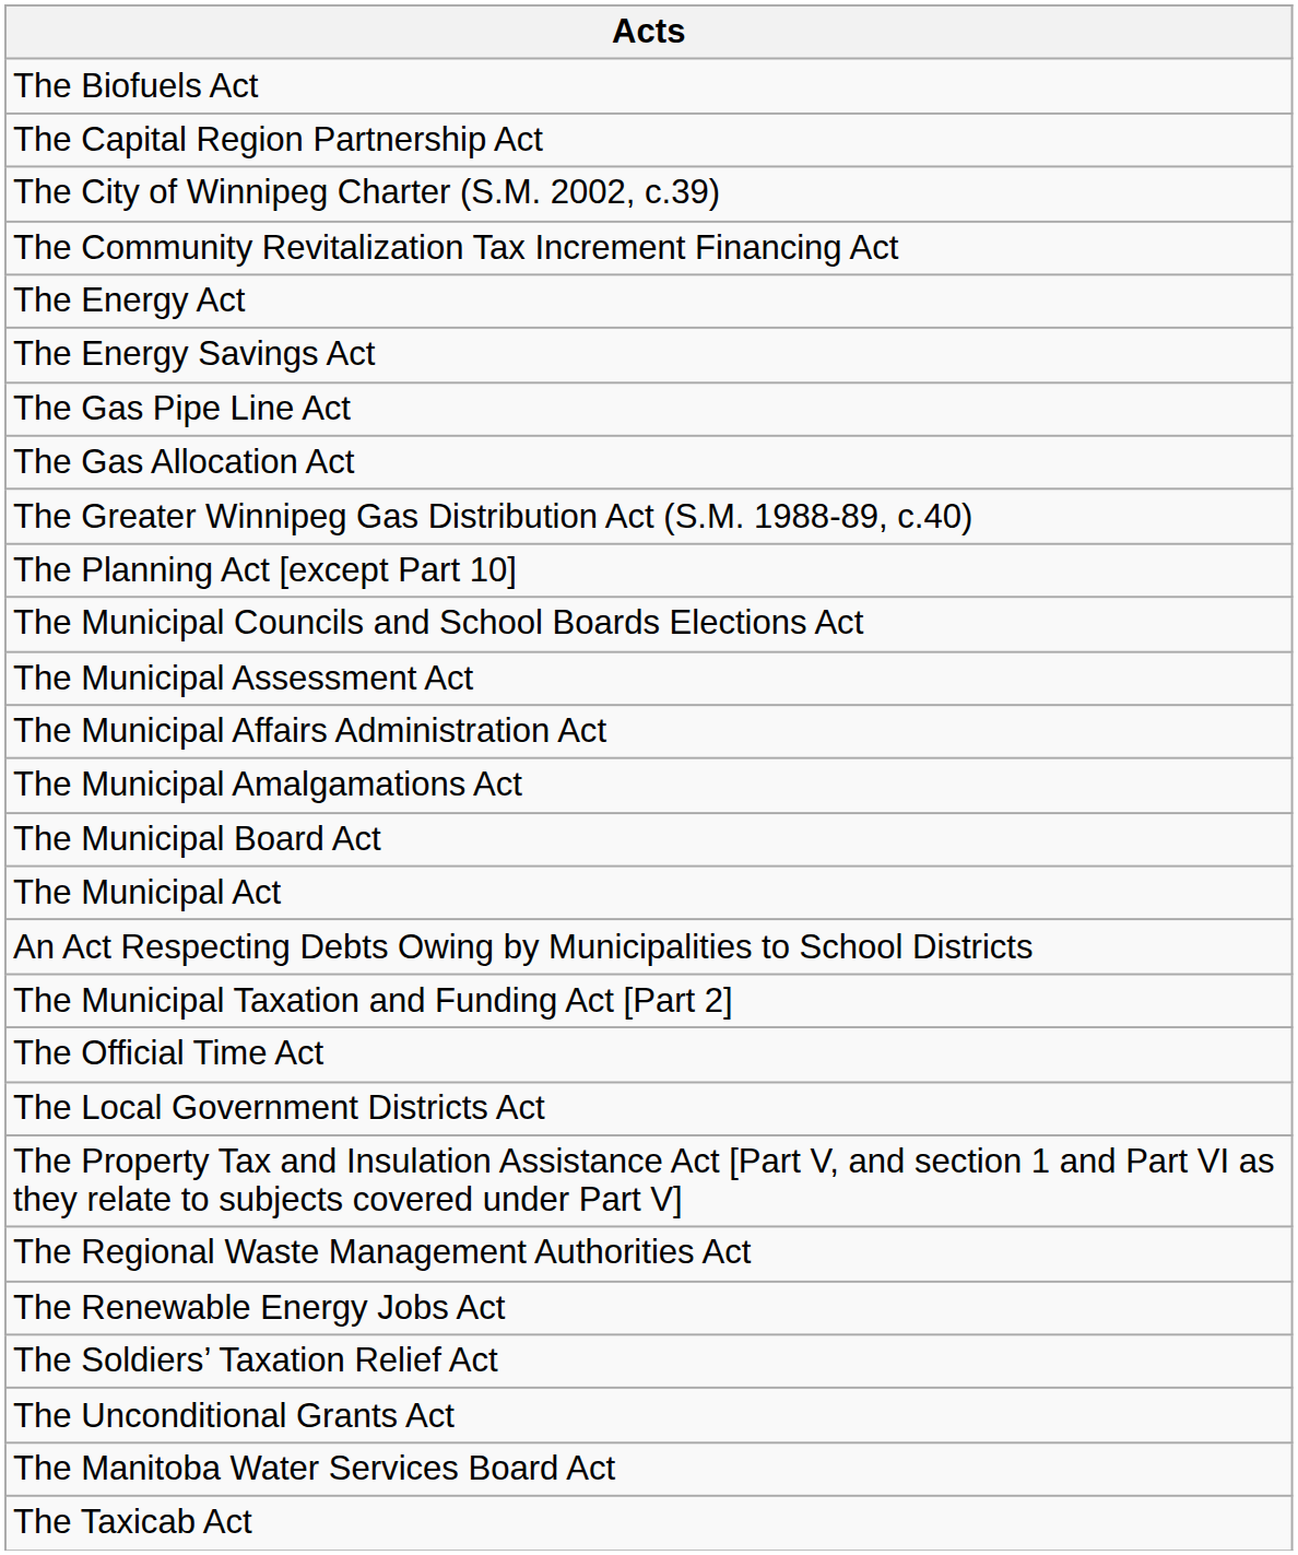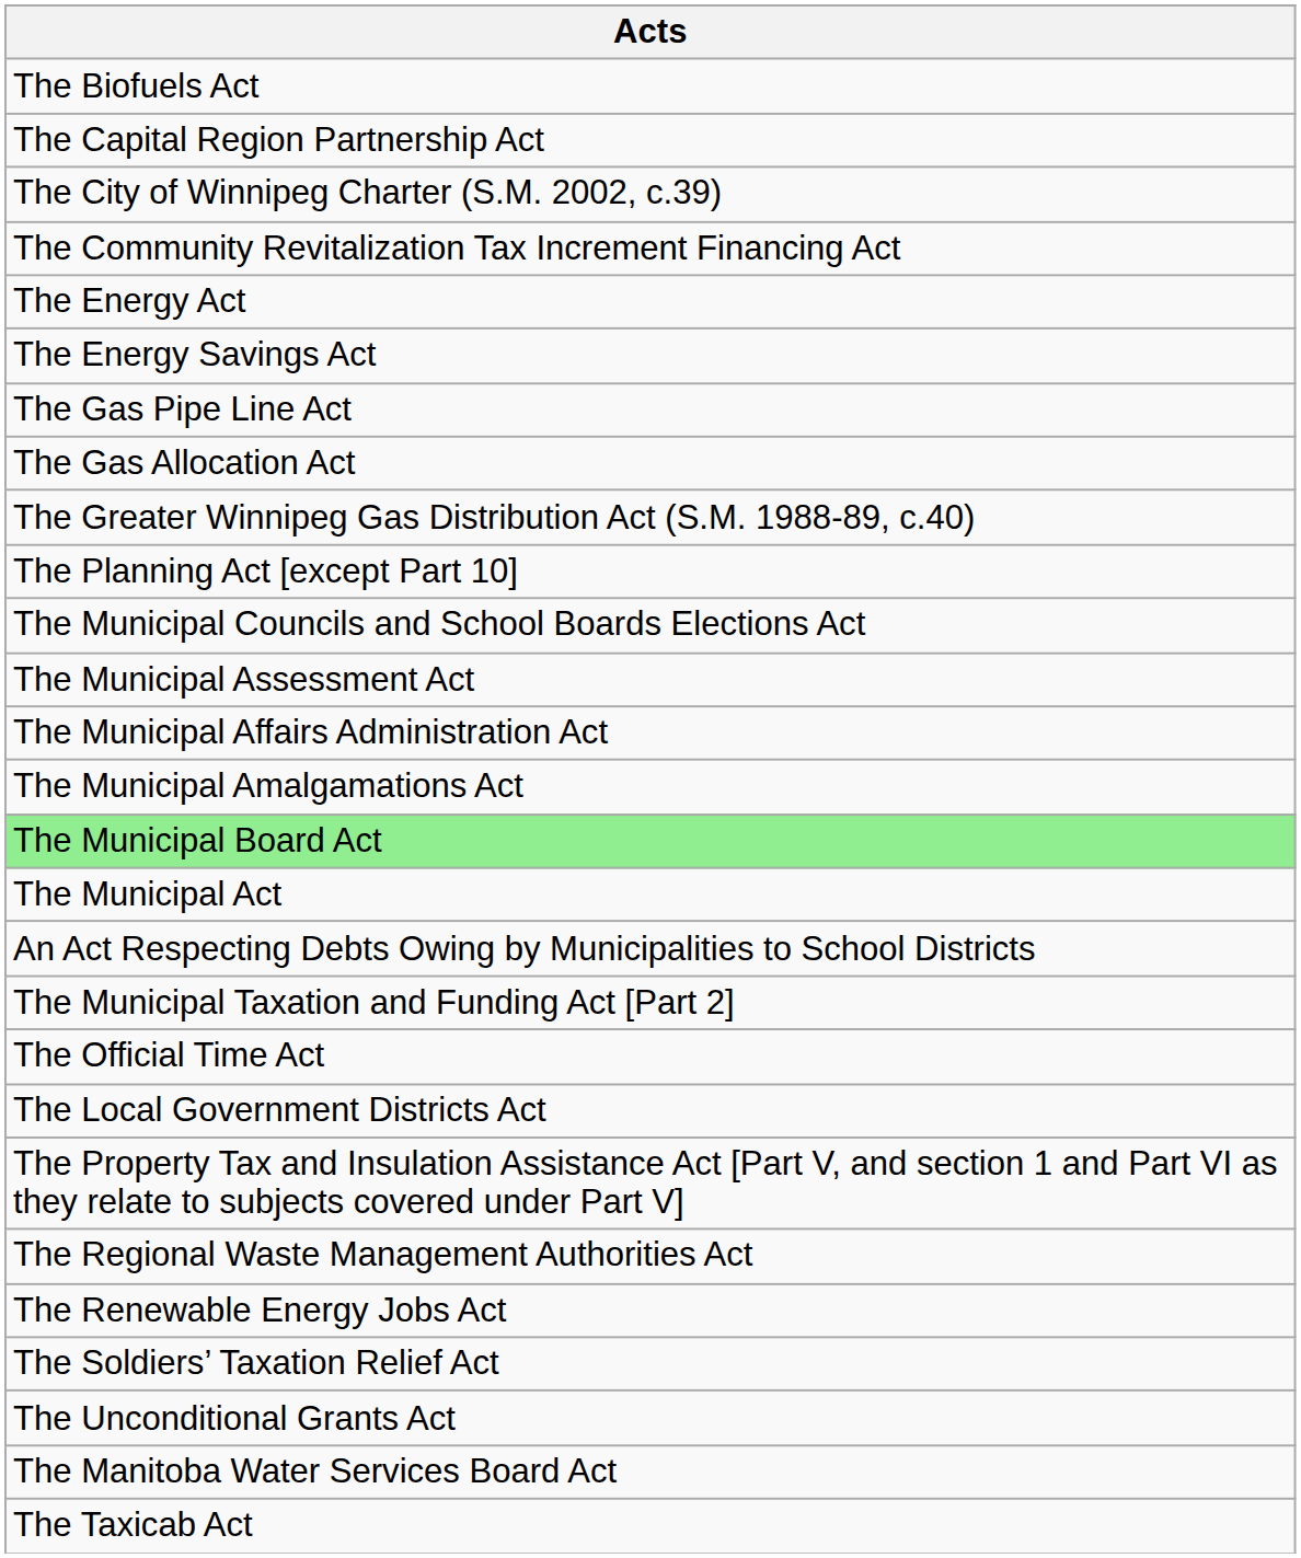 <table class="wikitable sortable">
 <tr>
 <th>Acts</th>
 </tr>
 <tr>
 <td>The Biofuels Act</td>
 </tr>
 <tr>
 <td>The Capital Region Partnership Act</td>
 </tr>
 <tr>
 <td>The City of Winnipeg Charter (S.M. 2002, c.39)</td>
 </tr>
 <tr>
 <td>The Community Revitalization Tax Increment Financing Act</td>
 </tr>
 <tr>
 <td>The Energy Act</td>
 </tr>
 <tr>
 <td>The Energy Savings Act</td>
 </tr>
 <tr>
 <td>The Gas Pipe Line Act</td>
 </tr>
 <tr>
 <td>The Gas Allocation Act</td>
 </tr>
 <tr>
 <td>The Greater Winnipeg Gas Distribution Act (S.M. 1988-89, c.40)</td>
 </tr>
 <tr>
 <td>The Planning Act [except Part 10]</td>
 </tr>
 <tr>
 <td>The Municipal Councils and School Boards Elections Act</td>
 </tr>
 <tr>
 <td>The Municipal Assessment Act</td>
 </tr>
 <tr>
 <td>The Municipal Affairs Administration Act</td>
 </tr>
 <tr>
 <td>The Municipal Amalgamations Act</td>
 </tr>
 <tr>
-<td>The Municipal Board Act</td>
+<td style="background: lightgreen;">The Municipal Board Act</td>
 </tr>
 <tr>
 <td>The Municipal Act</td>
 </tr>
 <tr>
 <td>An Act Respecting Debts Owing by Municipalities to School Districts</td>
 </tr>
 <tr>
 <td>The Municipal Taxation and Funding Act [Part 2]</td>
 </tr>
 <tr>
 <td>The Official Time Act</td>
 </tr>
 <tr>
 <td>The Local Government Districts Act</td>
 </tr>
 <tr>
 <td>The Property Tax and Insulation Assistance Act [Part V, and section 1 and Part VI as they relate to subjects covered under Part V]</td>
 </tr>
 <tr>
 <td>The Regional Waste Management Authorities Act</td>
 </tr>
 <tr>
 <td>The Renewable Energy Jobs Act</td>
 </tr>
 <tr>
 <td>The Soldiers’ Taxation Relief Act</td>
 </tr>
 <tr>
 <td>The Unconditional Grants Act</td>
 </tr>
 <tr>
 <td>The Manitoba Water Services Board Act</td>
 </tr>
 <tr>
 <td>The Taxicab Act</td>
 </tr>
 </table>
